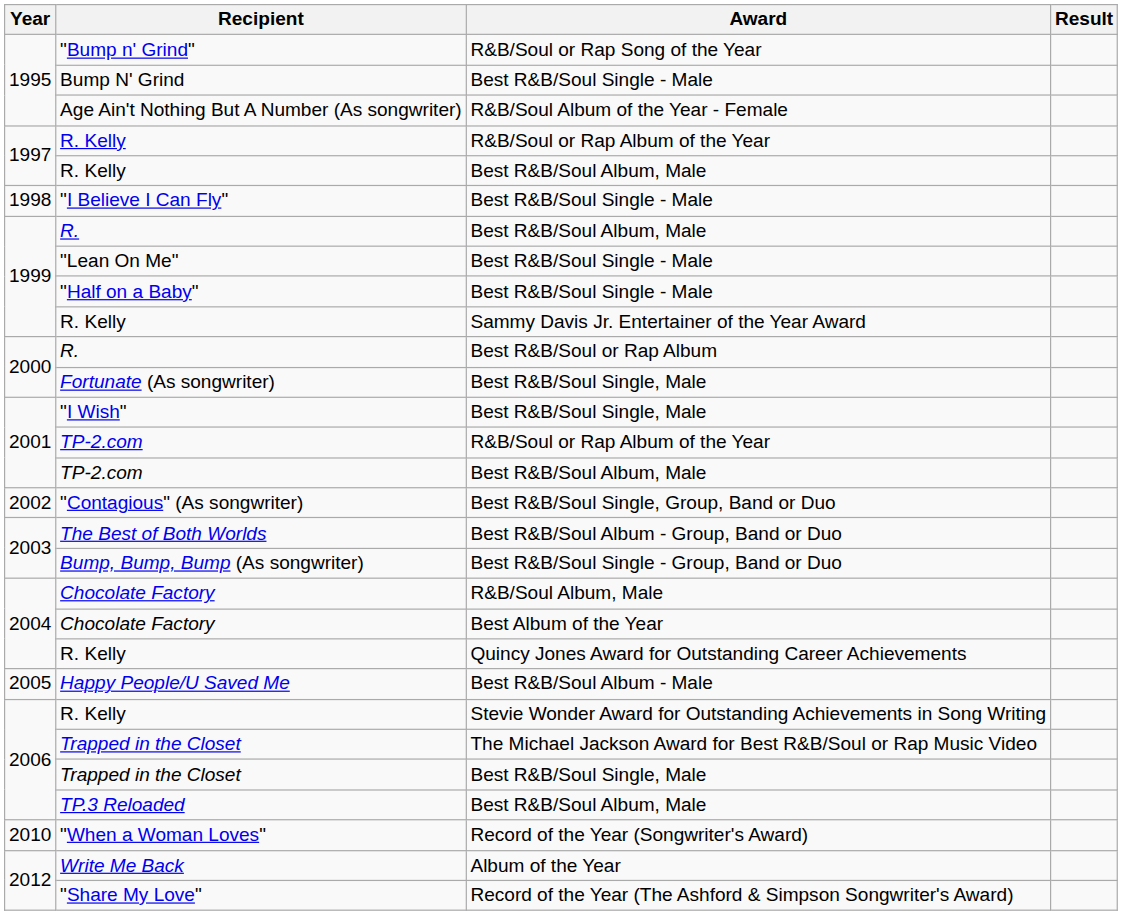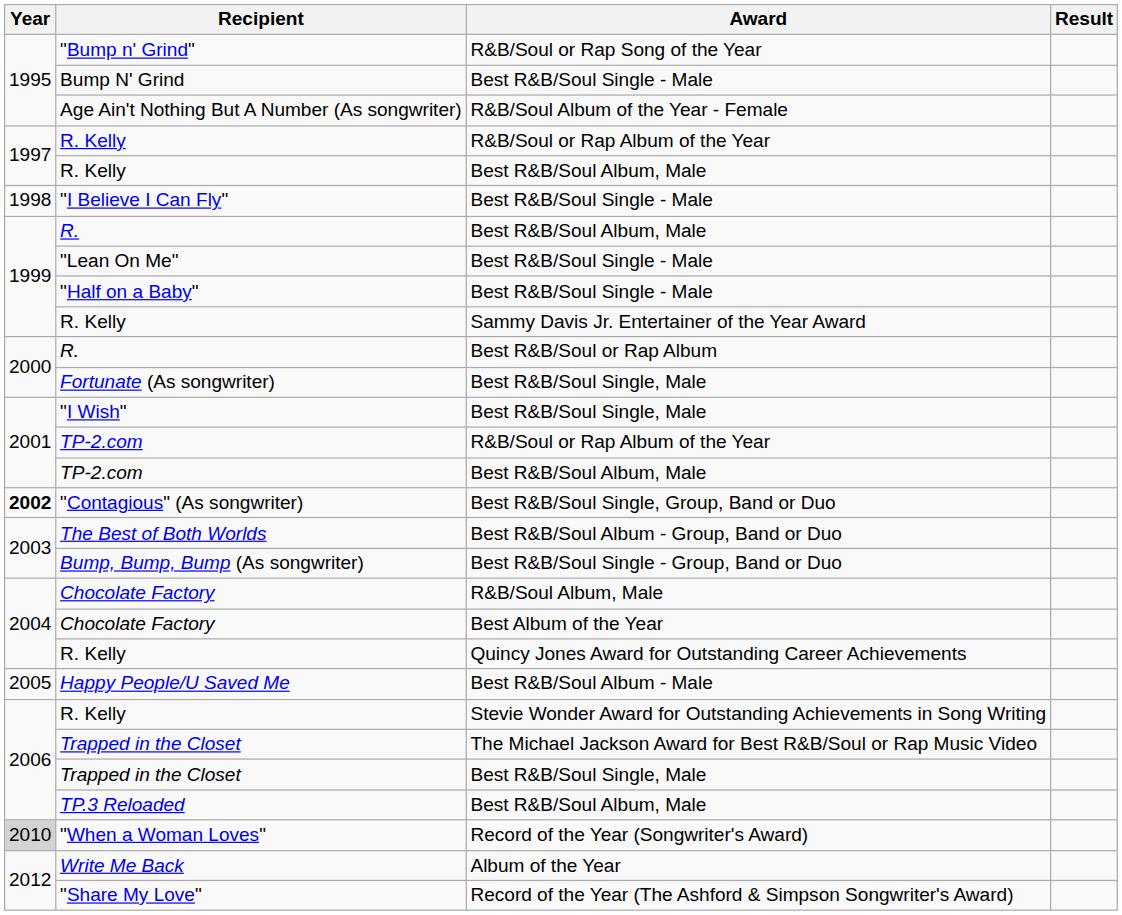 <table class="wikitable">
 <tr>
 <th>Year</th>
 <th>Recipient</th>
 <th>Award</th>
 <th>Result</th>
 </tr>
 <tr>
 <td rowspan="3">1995</td>
 <td>"<a href='#'>Bump n' Grind</a>"</td>
 <td>R&B/Soul or Rap Song of the Year</td>
 <td></td>
 </tr>
 <tr>
 <td>Bump N' Grind</td>
 <td>Best R&B/Soul Single - Male</td>
 <td></td>
 </tr>
 <tr>
 <td>Age Ain't Nothing But A Number (As songwriter)</td>
 <td>R&B/Soul Album of the Year - Female</td>
 <td></td>
 </tr>
 <tr>
 <td rowspan="2">1997</td>
 <td><a href='#'>R. Kelly</a></td>
 <td>R&B/Soul or Rap Album of the Year</td>
 <td></td>
 </tr>
 <tr>
 <td>R. Kelly</td>
 <td>Best R&B/Soul Album, Male</td>
 <td></td>
 </tr>
 <tr>
 <td>1998</td>
 <td>"<a href='#'>I Believe I Can Fly</a>"</td>
 <td>Best R&B/Soul Single - Male</td>
 <td></td>
 </tr>
 <tr>
 <td rowspan="4">1999</td>
 <td><em><a href='#'>R.</a></em></td>
 <td>Best R&B/Soul Album, Male</td>
 <td></td>
 </tr>
 <tr>
 <td>"Lean On Me"</td>
 <td>Best R&B/Soul Single - Male</td>
 <td></td>
 </tr>
 <tr>
 <td>"<a href='#'>Half on a Baby</a>"</td>
 <td>Best R&B/Soul Single - Male</td>
 <td></td>
 </tr>
 <tr>
 <td>R. Kelly</td>
 <td>Sammy Davis Jr. Entertainer of the Year Award</td>
 <td></td>
 </tr>
 <tr>
 <td rowspan="2">2000</td>
 <td><em>R.</em></td>
 <td>Best R&B/Soul or Rap Album</td>
 <td></td>
 </tr>
 <tr>
 <td><em><a href='#'>Fortunate</a></em> (As songwriter)</td>
 <td>Best R&B/Soul Single, Male</td>
 <td></td>
 </tr>
 <tr>
 <td rowspan="3">2001</td>
 <td>"<a href='#'>I Wish</a>"</td>
 <td>Best R&B/Soul Single, Male</td>
 <td></td>
 </tr>
 <tr>
 <td><em><a href='#'>TP-2.com</a></em></td>
 <td>R&B/Soul or Rap Album of the Year</td>
 <td></td>
 </tr>
 <tr>
 <td><em>TP-2.com</em></td>
 <td>Best R&B/Soul Album, Male</td>
 <td></td>
 </tr>
 <tr>
-<td>2002</td>
+<td><strong>2002</strong></td>
 <td>"<a href='#'>Contagious</a>" (As songwriter)</td>
 <td>Best R&B/Soul Single, Group, Band or Duo</td>
 <td></td>
 </tr>
 <tr>
 <td rowspan="2">2003</td>
 <td><em><a href='#'>The Best of Both Worlds</a></em></td>
 <td>Best R&B/Soul Album - Group, Band or Duo</td>
 <td></td>
 </tr>
 <tr>
 <td><em><a href='#'>Bump, Bump, Bump</a></em> (As songwriter)</td>
 <td>Best R&B/Soul Single - Group, Band or Duo</td>
 <td></td>
 </tr>
 <tr>
 <td rowspan="3">2004</td>
 <td><em><a href='#'>Chocolate Factory</a></em></td>
 <td>R&B/Soul Album, Male</td>
 <td></td>
 </tr>
 <tr>
 <td><em>Chocolate Factory</em></td>
 <td>Best Album of the Year</td>
 <td></td>
 </tr>
 <tr>
 <td>R. Kelly</td>
 <td>Quincy Jones Award for Outstanding Career Achievements</td>
 <td></td>
 </tr>
 <tr>
 <td>2005</td>
 <td><em><a href='#'>Happy People/U Saved Me</a></em></td>
 <td>Best R&B/Soul Album - Male</td>
 <td></td>
 </tr>
 <tr>
 <td rowspan="4">2006</td>
 <td>R. Kelly</td>
 <td>Stevie Wonder Award for Outstanding Achievements in Song Writing</td>
 <td></td>
 </tr>
 <tr>
 <td><em><a href='#'>Trapped in the Closet</a></em></td>
 <td>The Michael Jackson Award for Best R&B/Soul or Rap Music Video</td>
 <td></td>
 </tr>
 <tr>
 <td><em>Trapped in the Closet</em></td>
 <td>Best R&B/Soul Single, Male</td>
 <td></td>
 </tr>
 <tr>
 <td><em><a href='#'>TP.3 Reloaded</a></em></td>
 <td>Best R&B/Soul Album, Male</td>
 <td></td>
 </tr>
 <tr>
-<td>2010</td>
+<td style="background: lightgrey;">2010</td>
 <td>"<a href='#'>When a Woman Loves</a>"</td>
 <td>Record of the Year (Songwriter's Award)</td>
 <td></td>
 </tr>
 <tr>
 <td rowspan="2">2012</td>
 <td><em><a href='#'>Write Me Back</a></em></td>
 <td>Album of the Year</td>
 <td></td>
 </tr>
 <tr>
 <td>"<a href='#'>Share My Love</a>"</td>
 <td>Record of the Year (The Ashford & Simpson Songwriter's Award)</td>
 <td></td>
 </tr>
 </table>
